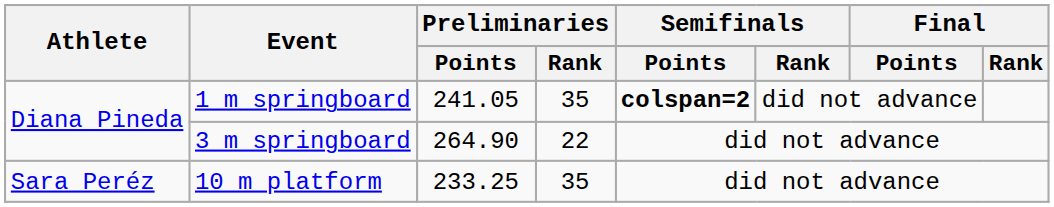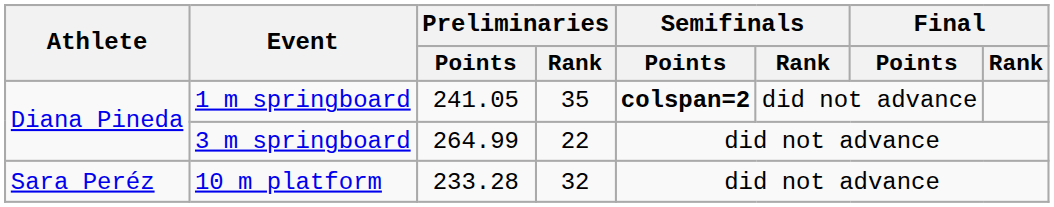 <table class=wikitable style="font-size:90%;">
 <tr>
 <th rowspan="2">Athlete</th>
 <th rowspan="2">Event</th>
 <th colspan="2">Preliminaries</th>
 <th colspan="2">Semifinals</th>
 <th colspan="2">Final</th>
 </tr>
 <tr style="font-size:95%">
 <th>Points</th>
 <th>Rank</th>
 <th>Points</th>
 <th>Rank</th>
 <th>Points</th>
 <th>Rank</th>
 </tr>
 <tr align=center>
 <td align=left rowspan=2><a href='#'>Diana Pineda</a></td>
 <td align=left><a href='#'>1 m springboard</a></td>
 <td>241.05</td>
 <td>35</td>
 <td><strong>colspan=2 </strong></td>
 <td colspan=2>did not advance</td>
 </tr>
 <tr align=center>
 <td align=left><a href='#'>3 m springboard</a></td>
-<td>264.90</td>
+<td>264.99</td>
 <td>22</td>
 <td colspan=4>did not advance</td>
 </tr>
 <tr align=center>
 <td align=left><a href='#'>Sara Peréz</a></td>
 <td align=left><a href='#'>10 m platform</a></td>
-<td>233.25</td>
-<td>35</td>
+<td>233.28</td>
+<td>32</td>
 <td colspan=4>did not advance</td>
 </tr>
 </table>
